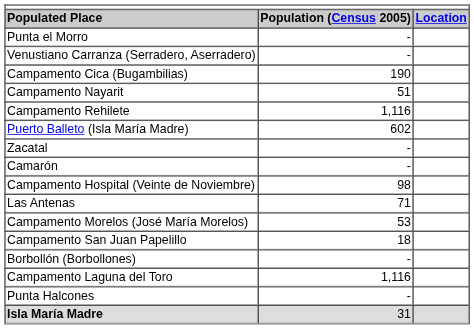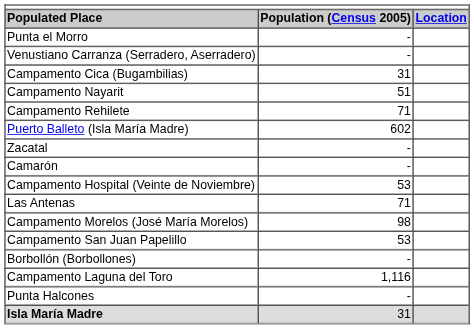 <table border="1" cellpadding="2" cellspacing="0">
 <tr>
 <th bgcolor="#ffffff" colspan="25" width="100%" valign="top"></th>
 </tr>
 <tr>
 </tr>
 <tr style="background: #CCC;">
 <th align ="left">Populated Place</th>
 <th align="right">Population (<a href='#'>Census</a> 2005)</th>
 <th><a href='#'>Location</a></th>
 </tr>
 <tr>
 <td>Punta el Morro</td>
 <td align="right">-</td>
 <td></td>
 </tr>
 <tr>
 <td>Venustiano Carranza (Serradero, Aserradero)</td>
 <td align="right">-</td>
 <td></td>
 </tr>
 <tr>
 <td>Campamento Cica (Bugambilias)</td>
-<td align="right">190</td>
+<td align="right">31</td>
 <td></td>
 </tr>
 <tr>
 <td>Campamento Nayarit</td>
 <td align="right">51</td>
 <td></td>
 </tr>
 <tr>
 <td>Campamento Rehilete</td>
-<td align="right">1,116</td>
+<td align="right">71</td>
 <td></td>
 </tr>
 <tr>
 <td><a href='#'>Puerto Balleto</a> (Isla María Madre)</td>
 <td align="right">602</td>
 <td></td>
 </tr>
 <tr>
 <td>Zacatal</td>
 <td align="right">-</td>
 <td></td>
 </tr>
 <tr>
 <td>Camarón</td>
 <td align="right">-</td>
 <td></td>
 </tr>
 <tr>
 <td>Campamento Hospital (Veinte de Noviembre)</td>
-<td align="right">98</td>
+<td align="right">53</td>
 <td></td>
 </tr>
 <tr>
 <td>Las Antenas</td>
 <td align="right">71</td>
 <td></td>
 </tr>
 <tr>
 <td>Campamento Morelos (José María Morelos)</td>
-<td align="right">53</td>
+<td align="right">98</td>
 <td></td>
 </tr>
 <tr>
 <td>Campamento San Juan Papelillo</td>
-<td align="right">18</td>
+<td align="right">53</td>
 <td></td>
 </tr>
 <tr>
 <td>Borbollón (Borbollones)</td>
 <td align="right">-</td>
 <td></td>
 </tr>
 <tr>
 <td>Campamento Laguna del Toro</td>
 <td align="right">1,116</td>
 <td></td>
 </tr>
 <tr>
 <td>Punta Halcones</td>
 <td align="right">-</td>
 <td><br> </td>
 </tr>
 <tr style="background: #DDD;">
 <td><strong>Isla María Madre</strong></td>
 <td align="right">31</td>
 <td></td>
 </tr>
 <tr>
 </tr>
 </table>
